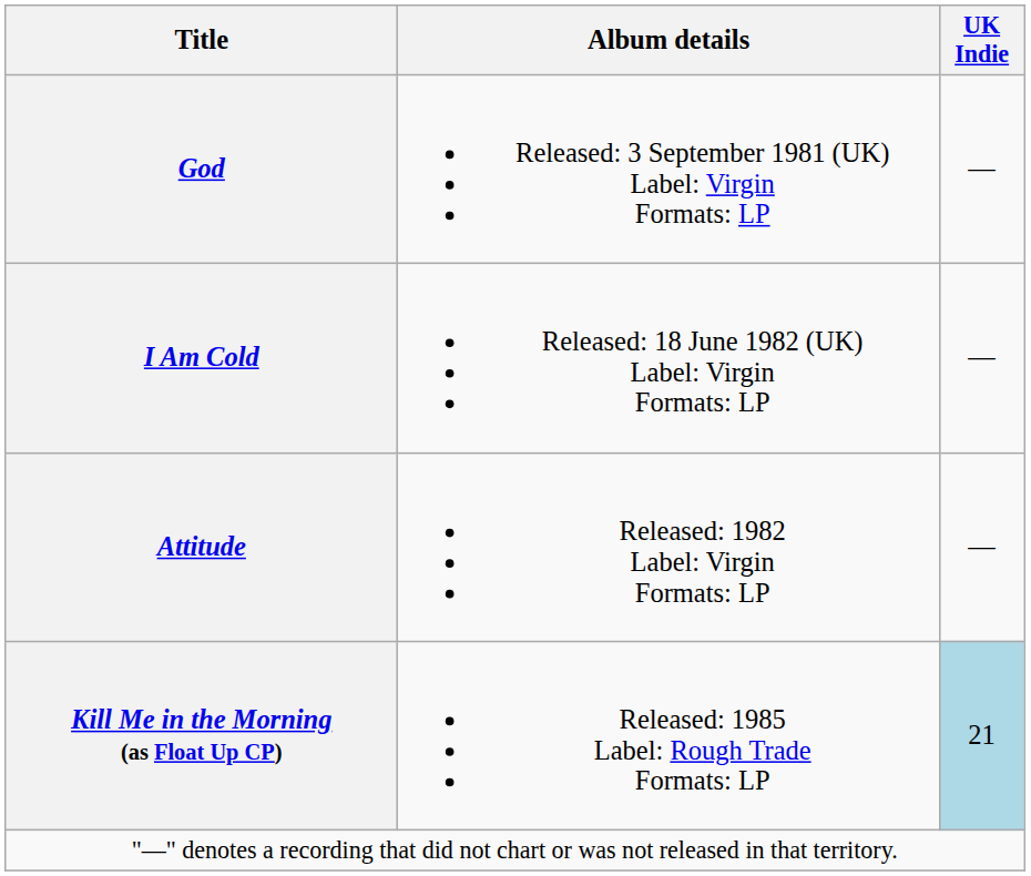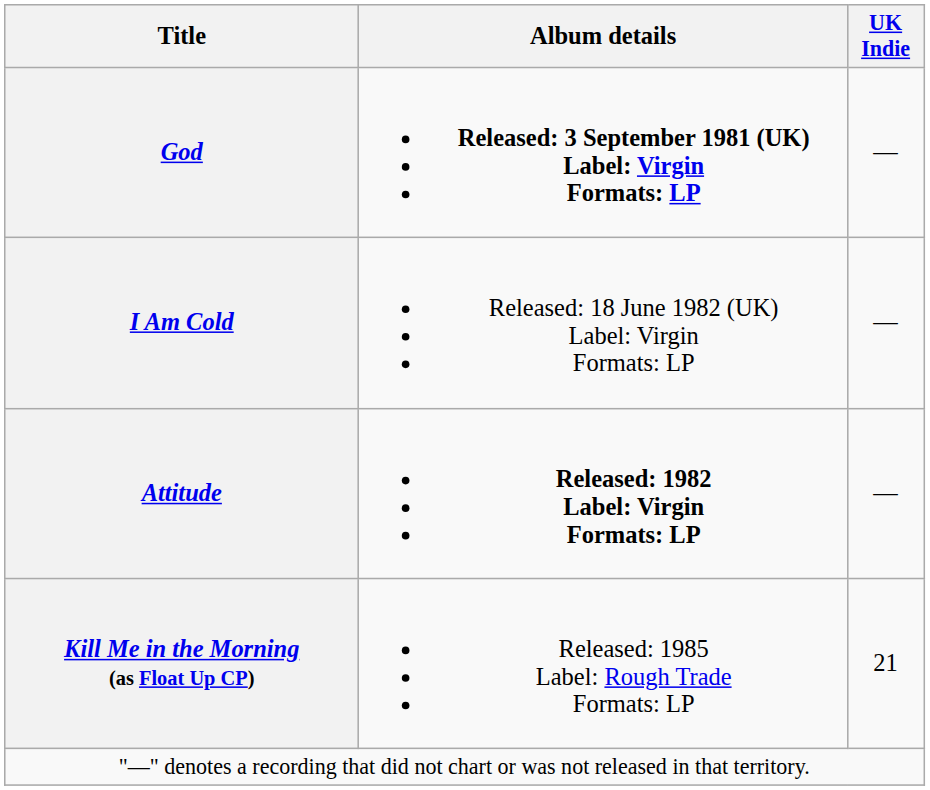 <table class="wikitable plainrowheaders" style="text-align:center;">
 <tr>
 <th scope="col" rowspan="1" style="width:14em;">Title</th>
 <th scope="col" rowspan="1" style="width:19.5em;">Album details</th>
 <th scope="col" rowspan="1" style="width:3em;font-size:90%;"><a href='#'>UK Indie</a><br></th>
 </tr>
 <tr>
 <th scope="row"><em><a href='#'>God</a></em></th>
-<td><br><ul><li>Released: 3 September 1981 <span>(UK)</span></li><li>Label: <a href='#'>Virgin</a></li><li>Formats: <a href='#'>LP</a></li></ul></td>
+<td><strong><br><ul><li>Released: 3 September 1981 <span>(UK)</span></li><li>Label: <a href='#'>Virgin</a></li><li>Formats: <a href='#'>LP</a></li></ul></strong></td>
 <td>—</td>
 </tr>
 <tr>
 <th scope="row"><em><a href='#'>I Am Cold</a></em></th>
 <td><br><ul><li>Released: 18 June 1982 <span>(UK)</span></li><li>Label: Virgin</li><li>Formats: LP</li></ul></td>
 <td>—</td>
 </tr>
 <tr>
 <th scope="row"><em><a href='#'>Attitude</a></em></th>
-<td><br><ul><li>Released: 1982</li><li>Label: Virgin</li><li>Formats: LP</li></ul></td>
+<td><strong><br><ul><li>Released: 1982</li><li>Label: Virgin</li><li>Formats: LP</li></ul></strong></td>
 <td>—</td>
 </tr>
 <tr>
 <th scope="row"><em><a href='#'>Kill Me in the Morning</a></em><br><small>(as <a href='#'>Float Up CP</a>)</small></th>
 <td><br><ul><li>Released: 1985</li><li>Label: <a href='#'>Rough Trade</a></li><li>Formats: LP</li></ul></td>
-<td style="background: lightblue;">21</td>
+<td>21</td>
 </tr>
 <tr>
 <td colspan="6" style="font-size:90%">"—" denotes a recording that did not chart or was not released in that territory.</td>
 </tr>
 </table>
